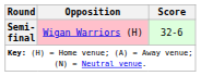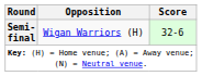 <table class="wikitable plainrowheaders" style="text-align:center;margin-left:1em;">
 <tr>
 <th width="25">Round</th>
 <th width="150">Opposition</th>
 <th width="60">Score</th>
 </tr>
 <tr>
 <th scope=row style="text-align:center">Semi-final</th>
-<td style="background: pink;"> <a href='#'>Wigan Warriors</a> (H)</td>
+<td> <a href='#'>Wigan Warriors</a> (H)</td>
 <td bgcolor=DDFFDD>32-6</td>
 </tr>
 <tr>
 <td colspan="3" style="background-color:white;"><small><strong>Key:</strong> (H) = Home venue; (A) = Away venue; (N) = <a href='#'>Neutral venue</a>.</small></td>
 </tr>
 </table>
